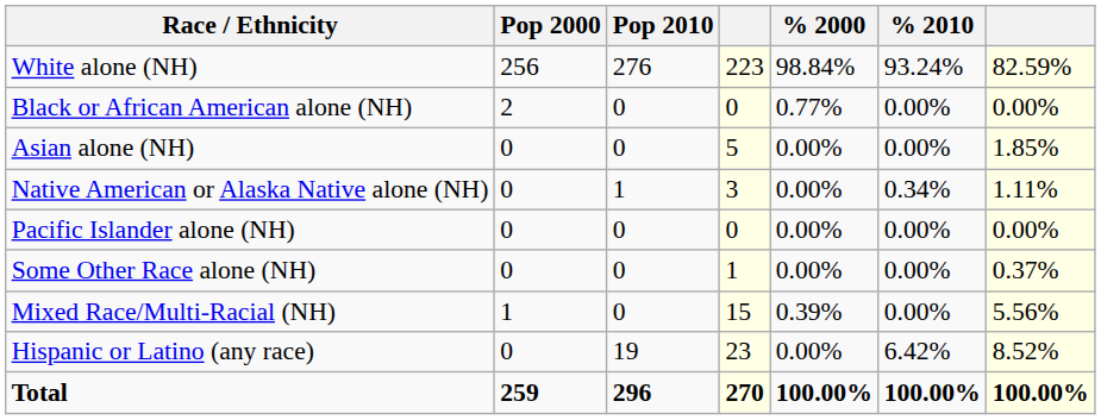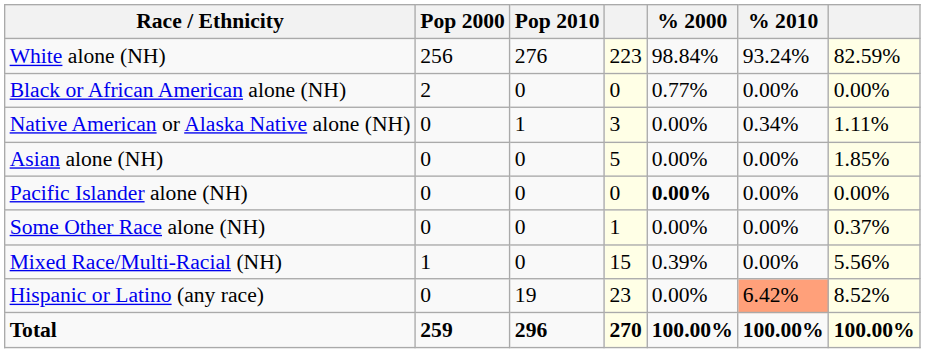 <table class="wikitable">
 <tr>
 <th>Race / Ethnicity</th>
 <th>Pop 2000</th>
 <th>Pop 2010</th>
 <th></th>
 <th>% 2000</th>
 <th>% 2010</th>
 <th></th>
 </tr>
 <tr>
 <td><a href='#'>White</a> alone (NH)</td>
 <td>256</td>
 <td>276</td>
 <td style='background: #ffffe6;'>223</td>
 <td>98.84%</td>
 <td>93.24%</td>
 <td style='background: #ffffe6;'>82.59%</td>
 </tr>
 <tr>
 <td><a href='#'>Black or African American</a> alone (NH)</td>
 <td>2</td>
 <td>0</td>
 <td style='background: #ffffe6;'>0</td>
 <td>0.77%</td>
 <td>0.00%</td>
 <td style='background: #ffffe6;'>0.00%</td>
 </tr>
 <tr>
+<td><a href='#'>Native American</a> or <a href='#'>Alaska Native</a> alone (NH)</td>
+<td>0</td>
+<td>1</td>
+<td style='background: #ffffe6;'>3</td>
+<td>0.00%</td>
+<td>0.34%</td>
+<td style='background: #ffffe6;'>1.11%</td>
+</tr>
+<tr>
 <td><a href='#'>Asian</a> alone (NH)</td>
 <td>0</td>
 <td>0</td>
 <td style='background: #ffffe6;'>5</td>
 <td>0.00%</td>
 <td>0.00%</td>
 <td style='background: #ffffe6;'>1.85%</td>
 </tr>
 <tr>
-<td><a href='#'>Native American</a> or <a href='#'>Alaska Native</a> alone (NH)</td>
-<td>0</td>
-<td>1</td>
-<td style='background: #ffffe6;'>3</td>
-<td>0.00%</td>
-<td>0.34%</td>
-<td style='background: #ffffe6;'>1.11%</td>
-</tr>
-<tr>
 <td><a href='#'>Pacific Islander</a> alone (NH)</td>
 <td>0</td>
 <td>0</td>
 <td style='background: #ffffe6;'>0</td>
-<td>0.00%</td>
+<td><strong>0.00%</strong></td>
 <td>0.00%</td>
 <td style='background: #ffffe6;'>0.00%</td>
 </tr>
 <tr>
 <td><a href='#'>Some Other Race</a> alone (NH)</td>
 <td>0</td>
 <td>0</td>
 <td style='background: #ffffe6;'>1</td>
 <td>0.00%</td>
 <td>0.00%</td>
 <td style='background: #ffffe6;'>0.37%</td>
 </tr>
 <tr>
 <td><a href='#'>Mixed Race/Multi-Racial</a> (NH)</td>
 <td>1</td>
 <td>0</td>
 <td style='background: #ffffe6;'>15</td>
 <td>0.39%</td>
 <td>0.00%</td>
 <td style='background: #ffffe6;'>5.56%</td>
 </tr>
 <tr>
 <td><a href='#'>Hispanic or Latino</a> (any race)</td>
 <td>0</td>
 <td>19</td>
 <td style='background: #ffffe6;'>23</td>
 <td>0.00%</td>
-<td>6.42%</td>
+<td style="background: lightsalmon;">6.42%</td>
 <td style='background: #ffffe6;'>8.52%</td>
 </tr>
 <tr>
 <td><strong>Total</strong></td>
 <td><strong>259</strong></td>
 <td><strong>296</strong></td>
 <td style='background: #ffffe6;'><strong>270</strong></td>
 <td><strong>100.00%</strong></td>
 <td><strong>100.00%</strong></td>
 <td style='background: #ffffe6;'><strong>100.00%</strong></td>
 </tr>
 </table>
